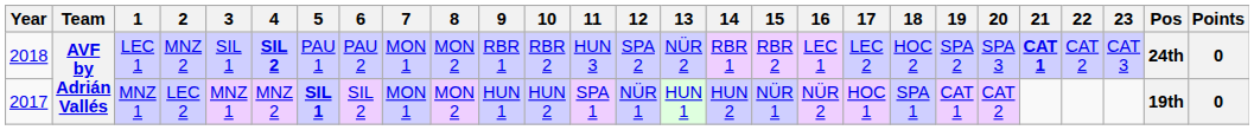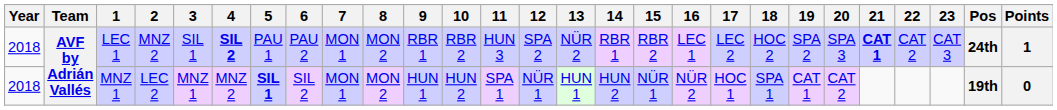 <table class="wikitable" style="text-align:center; font-size:85%">
 <tr>
 <th>Year</th>
 <th>Team</th>
 <th>1</th>
 <th>2</th>
 <th>3</th>
 <th>4</th>
 <th>5</th>
 <th>6</th>
 <th>7</th>
 <th>8</th>
 <th>9</th>
 <th>10</th>
 <th>11</th>
 <th>12</th>
 <th>13</th>
 <th>14</th>
 <th>15</th>
 <th>16</th>
 <th>17</th>
 <th>18</th>
 <th>19</th>
 <th>20</th>
 <th>21</th>
 <th>22</th>
 <th>23</th>
 <th>Pos</th>
 <th>Points</th>
 </tr>
 <tr>
 <td><a href='#'>2018</a></td>
 <th rowspan="2"><a href='#'>AVF by Adrián Vallés</a></th>
 <td style="background:#cfcfff;"><a href='#'>LEC<br>1</a><br></td>
 <td style="background:#cfcfff;"><a href='#'>MNZ<br>2</a><br></td>
 <td style="background:#cfcfff;"><a href='#'>SIL<br>1</a><br></td>
 <td style="background:#cfcfff;"><strong><a href='#'>SIL<br>2</a><br></strong></td>
 <td style="background:#cfcfff;"><a href='#'>PAU<br>1</a><br></td>
 <td style="background:#cfcfff;"><a href='#'>PAU<br>2</a><br></td>
 <td style="background:#cfcfff;"><a href='#'>MON<br>1</a><br></td>
 <td style="background:#cfcfff;"><a href='#'>MON<br>2</a><br></td>
 <td style="background:#cfcfff;"><a href='#'>RBR<br>1</a><br></td>
 <td style="background:#cfcfff;"><a href='#'>RBR<br>2</a><br></td>
 <td style="background:#cfcfff;"><a href='#'>HUN<br>3</a><br></td>
 <td style="background:#cfcfff;"><a href='#'>SPA<br>2</a><br></td>
 <td style="background:#cfcfff;"><a href='#'>NÜR<br>2</a><br></td>
 <td style="background:#efcfff;"><a href='#'>RBR<br>1</a><br></td>
 <td style="background:#efcfff;"><a href='#'>RBR<br>2</a><br></td>
 <td style="background:#efcfff;"><a href='#'>LEC<br>1</a><br></td>
 <td style="background:#cfcfff;"><a href='#'>LEC<br>2</a><br></td>
 <td style="background:#cfcfff;"><a href='#'>HOC<br>2</a><br></td>
 <td style="background:#cfcfff;"><a href='#'>SPA<br>2</a><br></td>
 <td style="background:#cfcfff;"><a href='#'>SPA<br>3</a><br></td>
 <td style="background:#cfcfff;"><strong><a href='#'>CAT<br>1</a><br></strong></td>
 <td style="background:#cfcfff;"><a href='#'>CAT<br>2</a><br></td>
 <td style="background:#cfcfff;"><a href='#'>CAT<br>3</a><br></td>
 <th>24th</th>
-<th>0</th>
+<th>1</th>
 </tr>
 <tr>
-<td><a href='#'>2017</a></td>
+<td><a href='#'>2018</a></td>
 <td style="background:#cfcfff;"><a href='#'>MNZ<br>1</a><br></td>
 <td style="background:#cfcfff;"><a href='#'>LEC<br>2</a><br></td>
 <td style="background:#efcfff;"><a href='#'>MNZ<br>1</a><br></td>
 <td style="background:#efcfff;"><a href='#'>MNZ<br>2</a><br></td>
 <td style="background:#cfcfff;"><strong><a href='#'>SIL<br>1</a><br></strong></td>
 <td style="background:#efcfff;"><a href='#'>SIL<br>2</a><br></td>
 <td style="background:#cfcfff;"><a href='#'>MON<br>1</a><br></td>
 <td style="background:#efcfff;"><a href='#'>MON<br>2</a><br></td>
 <td style="background:#cfcfff;"><a href='#'>HUN<br>1</a><br></td>
 <td style="background:#cfcfff;"><a href='#'>HUN<br>2</a><br></td>
 <td style="background:#efcfff;"><a href='#'>SPA<br>1</a><br></td>
 <td style="background:#cfcfff;"><a href='#'>NÜR<br>1</a><br></td>
 <td style="background:#dfffdf;"><a href='#'>HUN<br>1</a><br></td>
 <td style="background:#cfcfff;"><a href='#'>HUN<br>2</a><br></td>
 <td style="background:#cfcfff;"><a href='#'>NÜR<br>1</a><br></td>
 <td style="background:#efcfff;"><a href='#'>NÜR<br>2</a><br></td>
 <td style="background:#efcfff;"><a href='#'>HOC<br>1</a><br></td>
 <td style="background:#cfcfff;"><a href='#'>SPA<br>1</a><br></td>
 <td style="background:#efcfff;"><a href='#'>CAT<br>1</a><br></td>
 <td style="background:#efcfff;"><a href='#'>CAT<br>2</a><br></td>
 <td></td>
 <td></td>
 <td></td>
 <th>19th</th>
 <th>0</th>
 </tr>
 </table>
